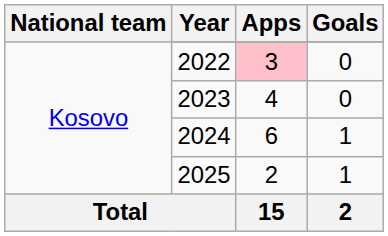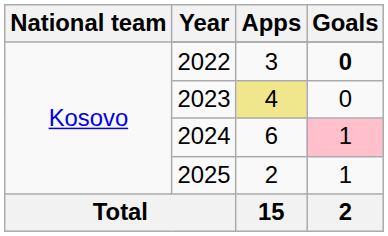 <table class="wikitable" style="text-align:center">
 <tr>
 <th>National team</th>
 <th>Year</th>
 <th>Apps</th>
 <th>Goals</th>
 </tr>
 <tr>
 <td rowspan="5"><a href='#'>Kosovo</a></td>
 </tr>
 <tr>
 <td>2022</td>
-<td style="background: pink;">3</td>
-<td>0</td>
+<td>3</td>
+<td><strong>0</strong></td>
 </tr>
 <tr>
 <td>2023</td>
-<td>4</td>
+<td style="background: khaki;">4</td>
 <td>0</td>
 </tr>
 <tr>
 <td>2024</td>
 <td>6</td>
-<td>1</td>
+<td style="background: pink;">1</td>
 </tr>
 <tr>
 <td>2025</td>
 <td>2</td>
 <td>1</td>
 </tr>
 <tr>
 <th colspan="2">Total</th>
 <th>15</th>
 <th>2</th>
 </tr>
 </table>
